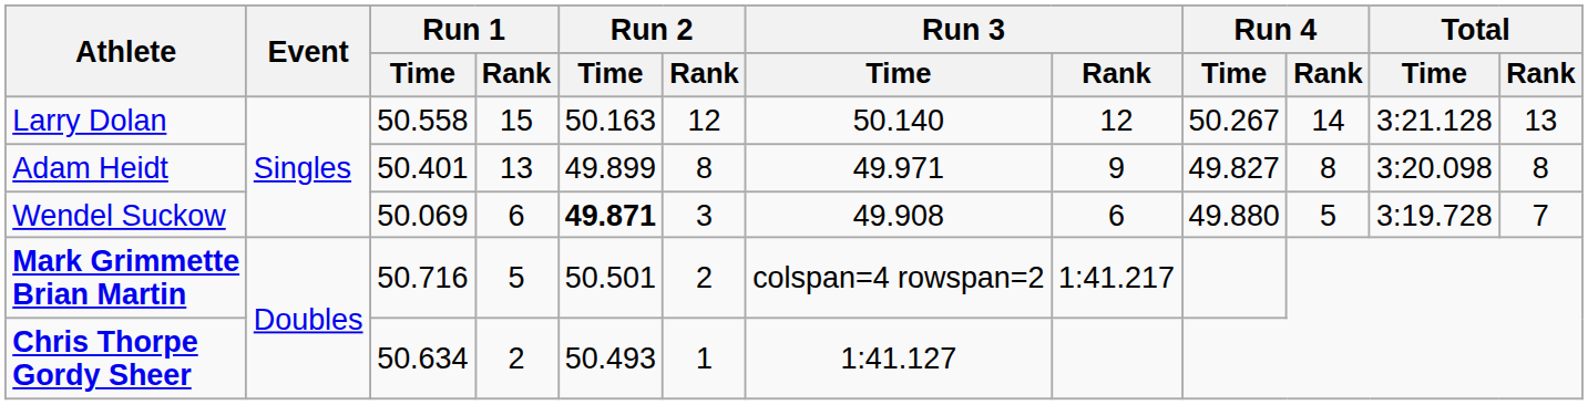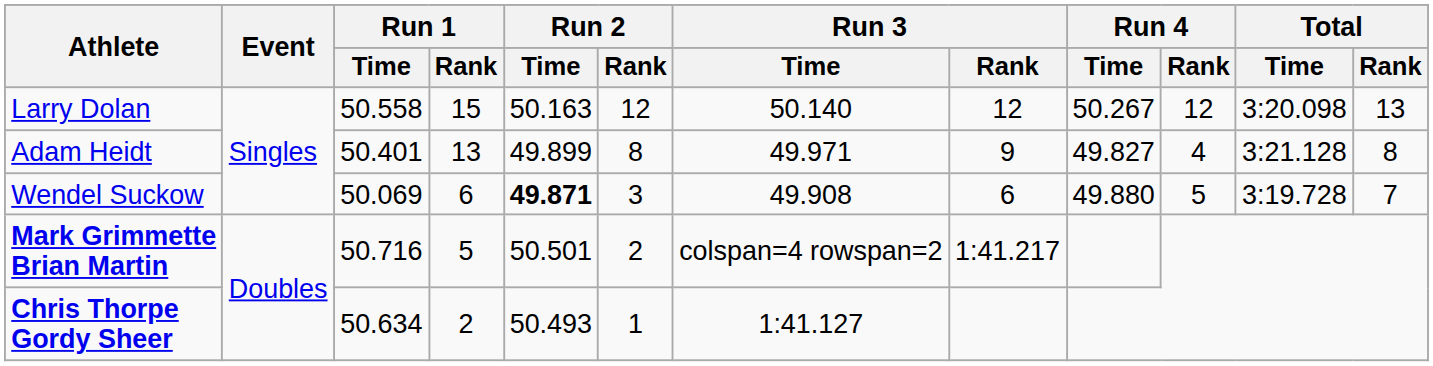 <table class=wikitable style=font-size:90%;text-align:center>
 <tr>
 <th rowspan=2>Athlete</th>
 <th rowspan=2>Event</th>
 <th colspan=2>Run 1</th>
 <th colspan=2>Run 2</th>
 <th colspan=2>Run 3</th>
 <th colspan=2>Run 4</th>
 <th colspan=2>Total</th>
 </tr>
 <tr style=font-size:95%>
 <th>Time</th>
 <th>Rank</th>
 <th>Time</th>
 <th>Rank</th>
 <th>Time</th>
 <th>Rank</th>
 <th>Time</th>
 <th>Rank</th>
 <th>Time</th>
 <th>Rank</th>
 </tr>
 <tr>
 <td align=left><a href='#'>Larry Dolan</a></td>
 <td align=left rowspan=3><a href='#'>Singles</a></td>
 <td>50.558</td>
 <td>15</td>
 <td>50.163</td>
 <td>12</td>
 <td>50.140</td>
 <td>12</td>
 <td>50.267</td>
-<td>14</td>
-<td>3:21.128</td>
+<td>12</td>
+<td>3:20.098</td>
 <td>13</td>
 </tr>
 <tr>
 <td align=left><a href='#'>Adam Heidt</a></td>
 <td>50.401</td>
 <td>13</td>
 <td>49.899</td>
 <td>8</td>
 <td>49.971</td>
 <td>9</td>
 <td>49.827</td>
-<td>8</td>
-<td>3:20.098</td>
+<td>4</td>
+<td>3:21.128</td>
 <td>8</td>
 </tr>
 <tr>
 <td align=left><a href='#'>Wendel Suckow</a></td>
 <td>50.069</td>
 <td>6</td>
 <td><strong>49.871</strong></td>
 <td>3</td>
 <td>49.908</td>
 <td>6</td>
 <td>49.880</td>
 <td>5</td>
 <td>3:19.728</td>
 <td>7</td>
 </tr>
 <tr>
 <td align=left><strong><a href='#'>Mark Grimmette</a><br><a href='#'>Brian Martin</a></strong></td>
 <td align=left rowspan=2><a href='#'>Doubles</a></td>
 <td>50.716</td>
 <td>5</td>
 <td>50.501</td>
 <td>2</td>
 <td>colspan=4 rowspan=2 </td>
 <td>1:41.217</td>
 <td></td>
 </tr>
 <tr>
 <td align=left><strong><a href='#'>Chris Thorpe</a><br><a href='#'>Gordy Sheer</a></strong></td>
 <td>50.634</td>
 <td>2</td>
 <td>50.493</td>
 <td>1</td>
 <td>1:41.127</td>
 <td></td>
 </tr>
 </table>
